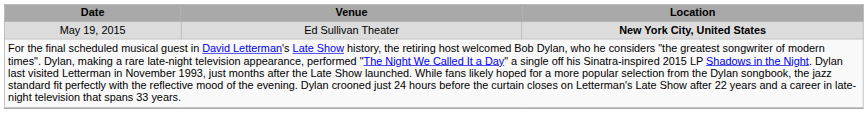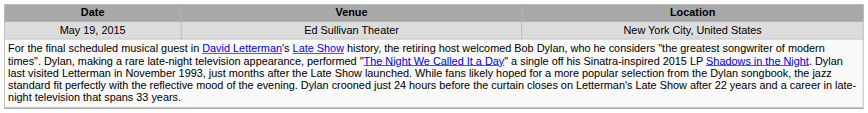 <table class="wikitable" style="width:100%; text-align:center;">
 <tr>
 <th style="width:100px; background:darkGrey;">Date</th>
 <th style="width:200px; background:darkGrey;">Venue</th>
 <th style="width:200px; background:darkGrey;">Location</th>
 </tr>
 <tr style="background:#DCDCDC;">
 <td>May 19, 2015</td>
 <td>Ed Sullivan Theater</td>
-<td><strong>New York City, United States</strong></td>
+<td>New York City, United States</td>
 </tr>
 <tr>
 <td colspan="5" style="border-bottom-width:3px; padding:5px; text-align:left;">For the final scheduled musical guest in <a href='#'>David Letterman</a>'s <a href='#'>Late Show</a> history, the retiring host welcomed Bob Dylan, who he considers "the greatest songwriter of modern times". Dylan, making a rare late-night television appearance, performed "<a href='#'>The Night We Called It a Day</a>" a single off his Sinatra-inspired 2015 LP <a href='#'>Shadows in the Night</a>. Dylan last visited Letterman in November 1993, just months after the Late Show launched. While fans likely hoped for a more popular selection from the Dylan songbook, the jazz standard fit perfectly with the reflective mood of the evening. Dylan crooned just 24 hours before the curtain closes on Letterman's Late Show after 22 years and a career in late-night television that spans 33 years.</td>
 </tr>
 <tr>
 </tr>
 </table>
